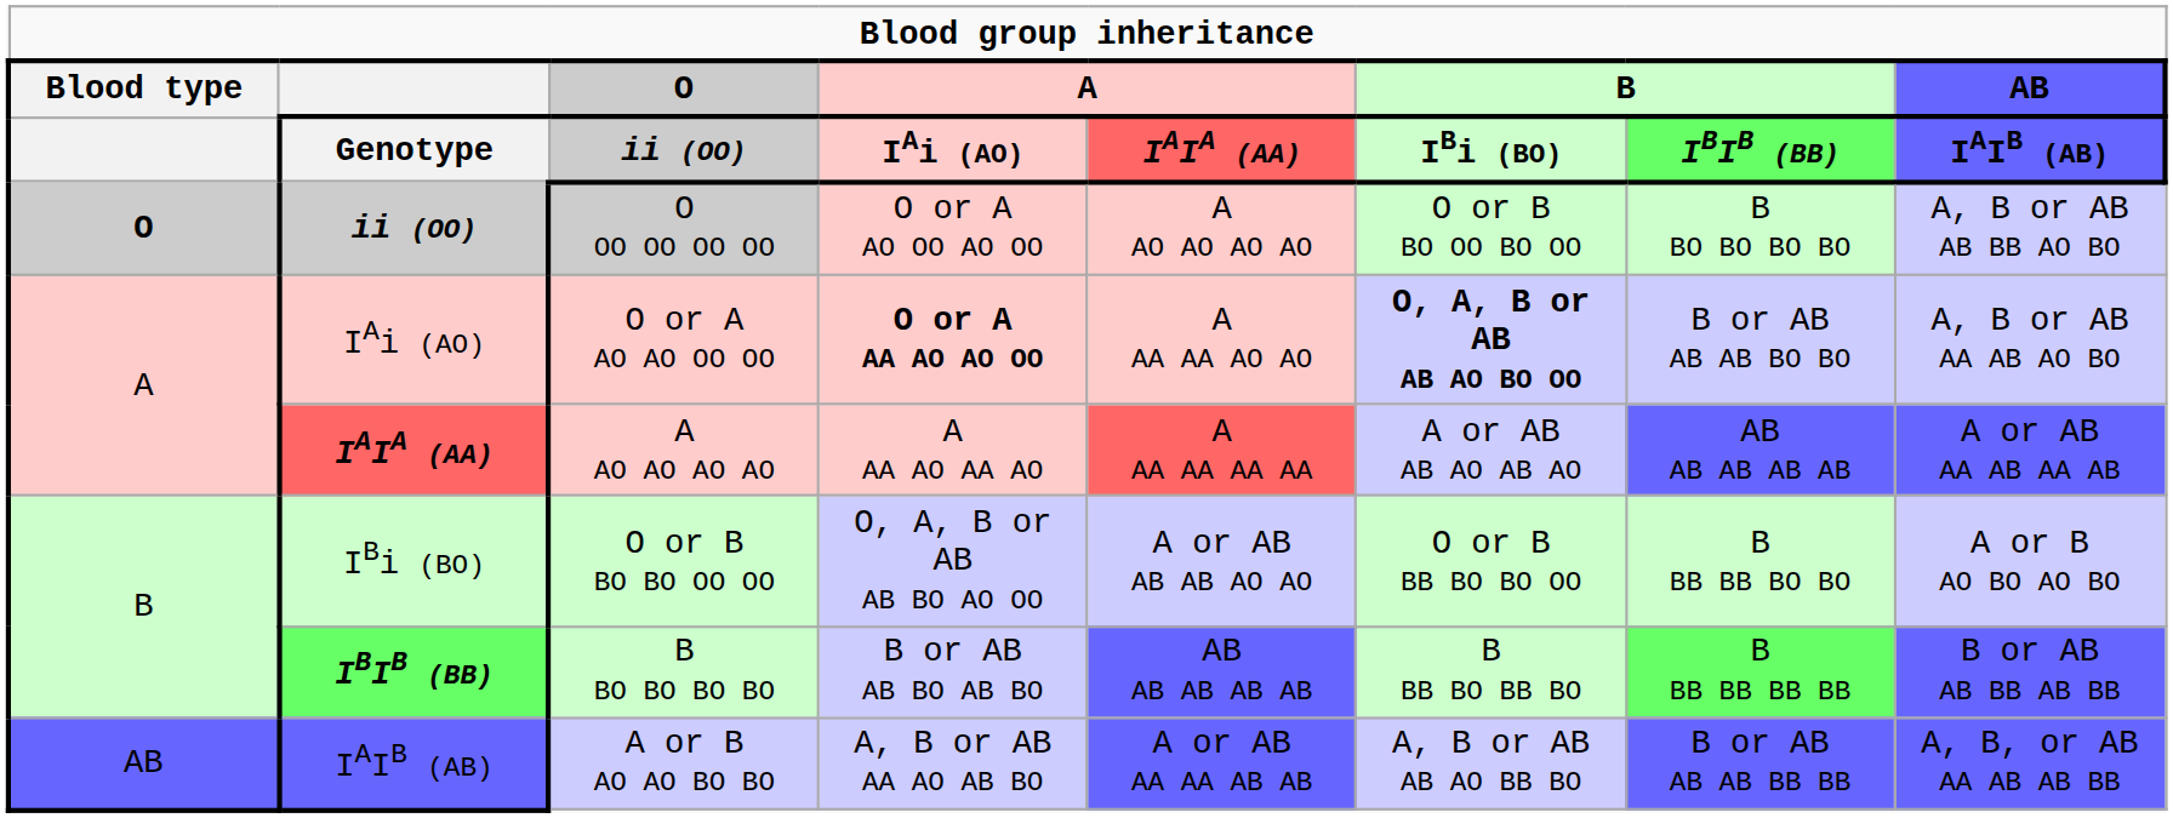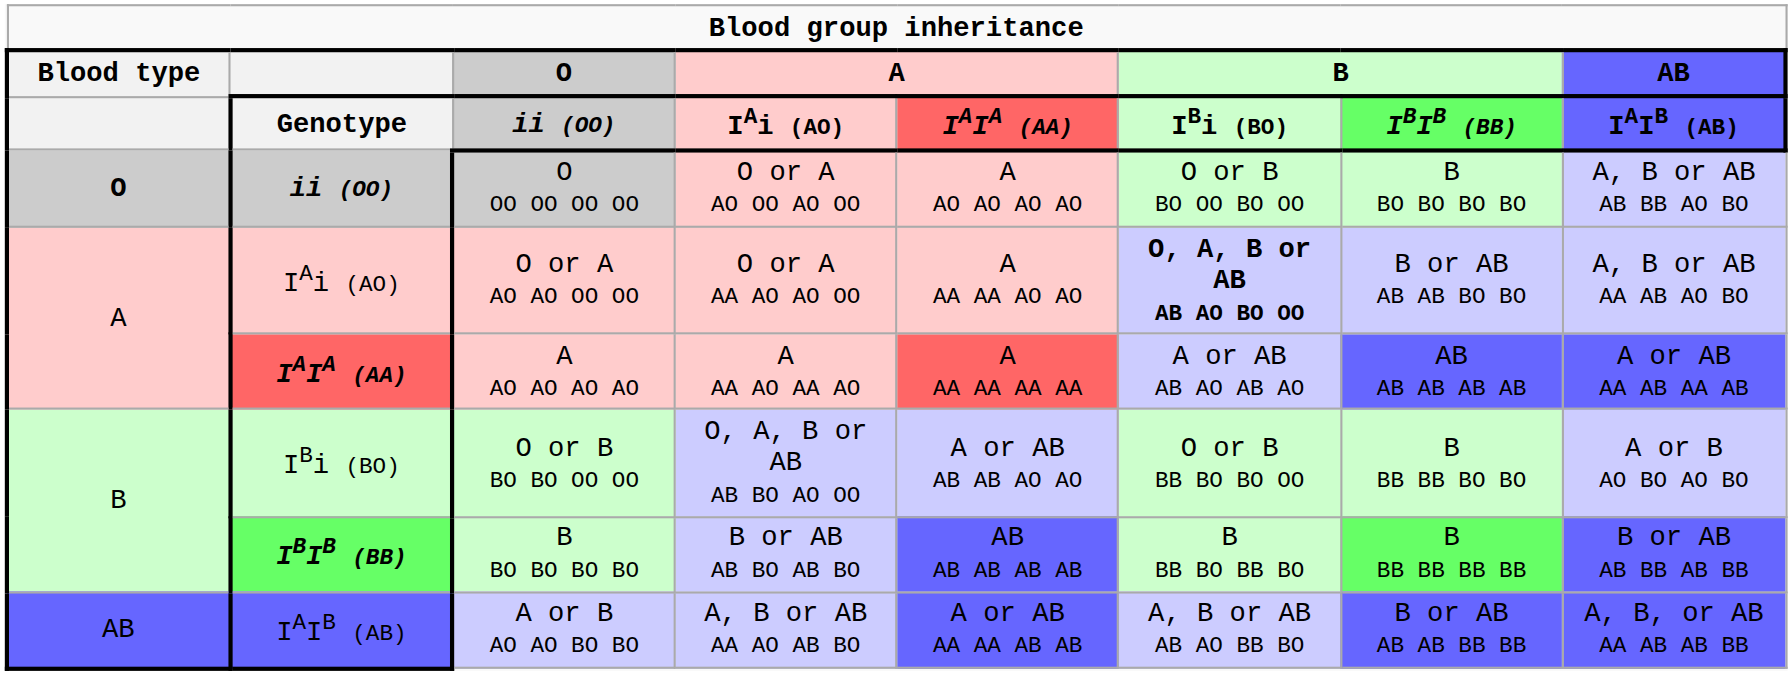 <table class="wikitable" style="border:darkgrey; float:right; margin-left:20px; text-align:center;">
 <tr>
 <td colspan="8"><strong>Blood group inheritance</strong></td>
 </tr>
 <tr>
 <th scope="col"  style="width:100px; border-top:2px solid black; border-left:2px solid black;">Blood type</th>
 <th scope="col"  style="width:100px; border-top:2px solid black; border-bottom:2px solid black;"></th>
 <th scope="col"  style="width:100px; background:#ccc; border-top:2px solid black; border-bottom:2px solid black;"><strong>O</strong></th>
 <th scope="col"  style="width:200px; background:#fcc; border-top:2px solid black; border-bottom:2px solid black;" colspan="2"><strong>A</strong></th>
 <th scope="col"  style="width:200px; background:#cfc; border-top:2px solid black; border-bottom:2px solid black;" colspan="2"><strong>B</strong></th>
 <th scope="col"  style="width:100px; background:#66f; border-top:2px solid black; border-bottom:2px solid black; border-right:2px solid black;"><strong>AB</strong></th>
 </tr>
 <tr>
 <th style="border-left:2px solid black;border-right:2px solid black;"></th>
 <th scope="col" style="width:100px;">Genotype</th>
 <th scope="col"  style="width:100px; background:#ccc; border-bottom:2px solid black;"><strong><em>ii<em> <small>(OO)</small><strong></th>
 <th scope="col"  style="width:100px; background:#fcc; border-bottom:2px solid black;"></em></strong>I<sup>A</sup>i</em> <small>(AO)</small></strong></th>
 <th scope="col"  style="width:100px; background:#f66; border-bottom:2px solid black;"><strong><em>I<sup>A</sup>I<sup>A</sup><em> <small>(AA)</small><strong></th>
 <th scope="col"  style="width:100px; background:#cfc; border-bottom:2px solid black;"></em></strong>I<sup>B</sup>i</em> <small>(BO)</small></strong></th>
 <th scope="col"  style="width:100px; background:#6f6; border-bottom:2px solid black;"><strong><em>I<sup>B</sup>I<sup>B</sup><em> <small>(BB)</small><strong></th>
 <th scope="col"  style="width:100px; background:#66f; border-bottom:2px solid black; border-right:2px solid black;"></em></strong>I<sup>A</sup>I<sup>B</sup></em> <small>(AB)</small></strong></th>
 </tr>
 <tr>
 <td style="background:#ccc; border-left:2px solid black; border-right:2px solid black;"><strong>O</strong></td>
 <td style="background:#ccc; border-right:2px solid black;"><strong><em>ii<em> <small>(OO)</small><strong></td>
 <td style="background:#ccc;">O<br><small>OO OO OO OO</small></td>
 <td style="background:#fcc;">O or A<br><small>AO OO AO OO</small></td>
 <td style="background:#fcc;">A<br><small>AO AO AO AO</small></td>
 <td style="background:#cfc;">O or B<br><small>BO OO BO OO</small></td>
 <td style="background:#cfc;">B<br><small>BO BO BO BO</small></td>
 <td style="background:#ccf;">A, B or AB<br><small>AB BB AO BO</small></td>
 </tr>
 <tr>
 <td rowspan="2" style="background:#fcc; border-left:2px solid black; border-right:2px solid black;"></strong>A<strong></td>
 <td style="background:#fcc; border-right:2px solid black;"></em></strong>I<sup>A</sup>i</em> <small>(AO)</small></strong></td>
 <td style="background:#fcc;">O or A<br><small>AO AO OO OO</small></td>
-<td style="background:#fcc;"><strong>O or A<br><small>AA AO AO OO</small></strong></td>
+<td style="background:#fcc;">O or A<br><small>AA AO AO OO</small></td>
 <td style="background:#fcc;">A<br><small>AA AA AO AO</small></td>
 <td style="background:#ccf;"><strong>O, A, B or AB<br><small>AB AO BO OO</small></strong></td>
 <td style="background:#ccf;">B or AB<br><small>AB AB BO BO</small></td>
 <td style="background:#ccf;">A, B or AB<br><small>AA AB AO BO </small></td>
 </tr>
 <tr>
 <td style="background:#f66; border-right:2px solid black;"><strong><em>I<sup>A</sup>I<sup>A</sup><em> <small>(AA)</small><strong></td>
 <td style="background:#fcc;">A<br><small>AO AO AO AO</small></td>
 <td style="background:#fcc;">A<br><small>AA AO AA AO</small></td>
 <td style="background:#f66;">A<br><small>AA AA AA AA</small></td>
 <td style="background:#ccf;">A or AB<br><small>AB AO AB AO</small></td>
 <td style="background:#66f;">AB<br><small>AB AB AB AB</small></td>
 <td style="background:#66f;">A or AB<br><small>AA AB AA AB</small></td>
 </tr>
 <tr>
 <td rowspan="2" style="background:#cfc; border-left:2px solid black; border-right:2px solid black;"></strong>B<strong></td>
 <td style="background:#cfc; border-right:2px solid black;"></em></strong>I<sup>B</sup>i</em> <small>(BO)</small></strong></td>
 <td style="background:#cfc;">O or B<br><small>BO BO OO OO</small></td>
 <td style="background:#ccf;">O, A, B or AB<br><small>AB BO AO OO</small></td>
 <td style="background:#ccf;">A or AB<br><small>AB AB AO AO</small></td>
 <td style="background:#cfc;">O or B<br><small>BB BO BO OO</small></td>
 <td style="background:#cfc;">B<br><small>BB BB BO BO</small></td>
 <td style="background:#ccf;">A or B<br><small>AO BO AO BO</small></td>
 </tr>
 <tr>
 <td style="background:#6f6; border-right:2px solid black;"><strong><em>I<sup>B</sup>I<sup>B</sup><em> <small>(BB)</small><strong></td>
 <td style="background:#cfc;">B<br><small>BO BO BO BO</small></td>
 <td style="background:#ccf;">B or AB<br><small>AB BO AB BO</small></td>
 <td style="background:#66f;">AB<br><small>AB AB AB AB</small></td>
 <td style="background:#cfc;">B<br><small>BB BO BB BO</small></td>
 <td style="background:#6f6;">B<br><small>BB BB BB BB</small></td>
 <td style="background:#66f;">B or AB<br><small>AB BB AB BB</small></td>
 </tr>
 <tr>
 <td style="background:#66f; border-left:2px solid black; border-right:2px solid black; border-bottom:2px solid black;"></strong>AB<strong></td>
 <td style="background:#66f; border-right:2px solid black; border-bottom:2px solid black;"></em></strong>I<sup>A</sup>I<sup>B</sup></em> <small>(AB)</small></strong></td>
 <td style="background:#ccf;">A or B<br><small>AO AO BO BO</small></td>
 <td style="background:#ccf;">A, B or AB<br><small>AA AO AB BO</small></td>
 <td style="background:#66f;">A or AB<br><small>AA AA AB AB</small></td>
 <td style="background:#ccf;">A, B or AB<br><small>AB AO BB BO</small></td>
 <td style="background:#66f;">B or AB<br><small>AB AB BB BB</small></td>
 <td style="background:#66f;">A, B, or AB<br><small>AA AB AB BB</small></td>
 </tr>
 </table>
